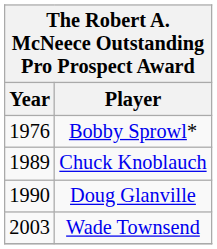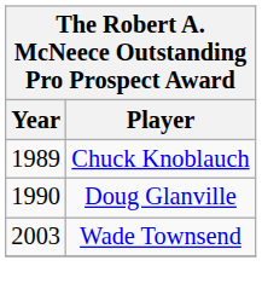 <table class="wikitable" style="display: inline-table; margin-right: 20px; text-align:center">
 <tr>
 <th scope="col" colspan="2" style="width: 145px;">The Robert A. McNeece Outstanding Pro Prospect Award</th>
 </tr>
 <tr>
 <th scope="col">Year</th>
 <th scope="col">Player</th>
-</tr>
-<tr>
-<td>1976</td>
-<td><a href='#'>Bobby Sprowl</a>*</td>
 </tr>
 <tr>
 <td>1989</td>
 <td><a href='#'>Chuck Knoblauch</a></td>
 </tr>
 <tr>
 <td>1990</td>
 <td><a href='#'>Doug Glanville</a></td>
 </tr>
 <tr>
 <td>2003</td>
 <td><a href='#'>Wade Townsend</a></td>
 </tr>
 <tr>
 </tr>
 </table>
